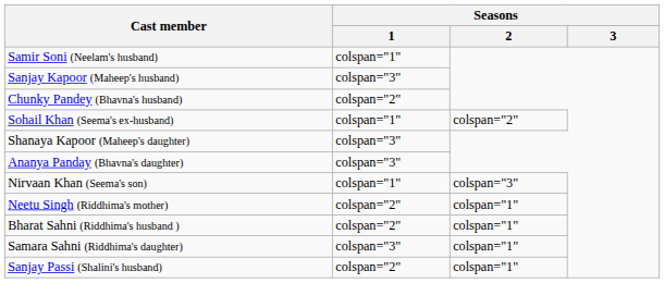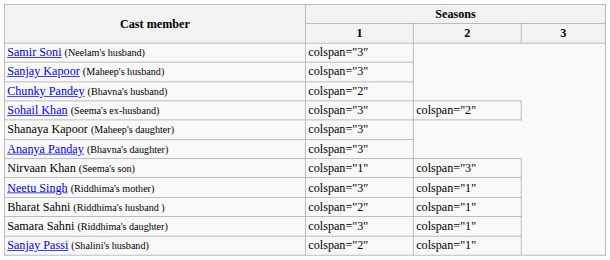 <table class="wikitable plainrowheaders" width="50%">
 <tr>
 <th scope="col" rowspan="2" style="width:25%;">Cast member</th>
 <th colspan="5" scope="col">Seasons</th>
 </tr>
 <tr>
 <th scope="col" style="width:7%;">1</th>
 <th scope="col" style="width:7%;">2</th>
 <th scope="col" style="width:7%;">3</th>
 </tr>
 <tr>
 <td scope="row"><a href='#'>Samir Soni</a> <small>(Neelam's husband)</small></td>
-<td>colspan="1" </td>
+<td>colspan="3" </td>
 </tr>
 <tr>
 <td scope="row"><a href='#'>Sanjay Kapoor</a> <small>(Maheep's husband)</small></td>
 <td>colspan="3" </td>
 </tr>
 <tr>
 <td scope="row"><a href='#'>Chunky Pandey</a> <small>(Bhavna's husband)</small></td>
 <td>colspan="2" </td>
 </tr>
 <tr>
 <td scope="row"><a href='#'>Sohail Khan</a> <small>(Seema's ex-husband)</small></td>
-<td>colspan="1" </td>
+<td>colspan="3" </td>
 <td>colspan="2" </td>
 </tr>
 <tr>
 <td scope="row">Shanaya Kapoor <small>(Maheep's daughter)</small></td>
 <td>colspan="3" </td>
 </tr>
 <tr>
 <td scope="row"><a href='#'>Ananya Panday</a> <small>(Bhavna's daughter)</small></td>
 <td>colspan="3" </td>
 </tr>
 <tr>
 <td scope="row">Nirvaan Khan <small>(Seema's son)</small></td>
 <td>colspan="1" </td>
 <td>colspan="3" </td>
 </tr>
 <tr>
 <td scope="row"><a href='#'>Neetu Singh</a> <small>(Riddhima's mother)</small></td>
-<td>colspan="2" </td>
+<td>colspan="3" </td>
 <td>colspan="1" </td>
 </tr>
 <tr>
 <td scope="row">Bharat Sahni <small>(Riddhima's husband )</small></td>
 <td>colspan="2" </td>
 <td>colspan="1" </td>
 </tr>
 <tr>
 <td scope="row">Samara Sahni <small>(Riddhima's daughter)</small></td>
 <td>colspan="3" </td>
 <td>colspan="1" </td>
 </tr>
 <tr>
 <td scope="row"><a href='#'>Sanjay Passi</a> <small>(Shalini's husband)</small></td>
 <td>colspan="2" </td>
 <td>colspan="1" </td>
 </tr>
 </table>
